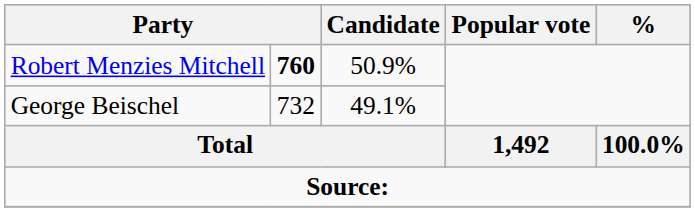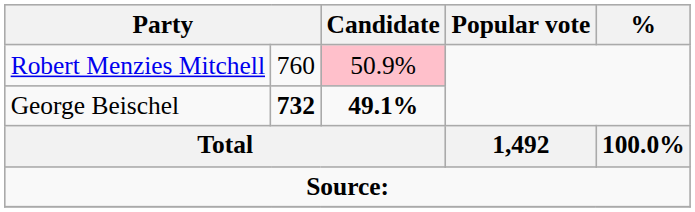 <table class="wikitable">
 <tr>
 <th colspan="2">Party</th>
 <th>Candidate</th>
 <th>Popular vote</th>
 <th>%</th>
 </tr>
 <tr>
 <td> <a href='#'>Robert Menzies Mitchell</a></td>
-<td align=center><strong>760</strong></td>
-<td align=center>50.9%</td>
+<td align=center>760</td>
+<td align=center style="background: pink;">50.9%</td>
 </tr>
 <tr>
 <td>George Beischel</td>
-<td align=center>732</td>
-<td align=center>49.1%</td>
+<td align=center><strong>732</strong></td>
+<td align=center><strong>49.1%</strong></td>
 </tr>
 <tr>
 <th colspan=3>Total</th>
 <th>1,492</th>
 <th>100.0%</th>
 </tr>
 <tr>
 <td align="center" colspan=5><strong>Source:</strong> </td>
 </tr>
 <tr>
 </tr>
 </table>
